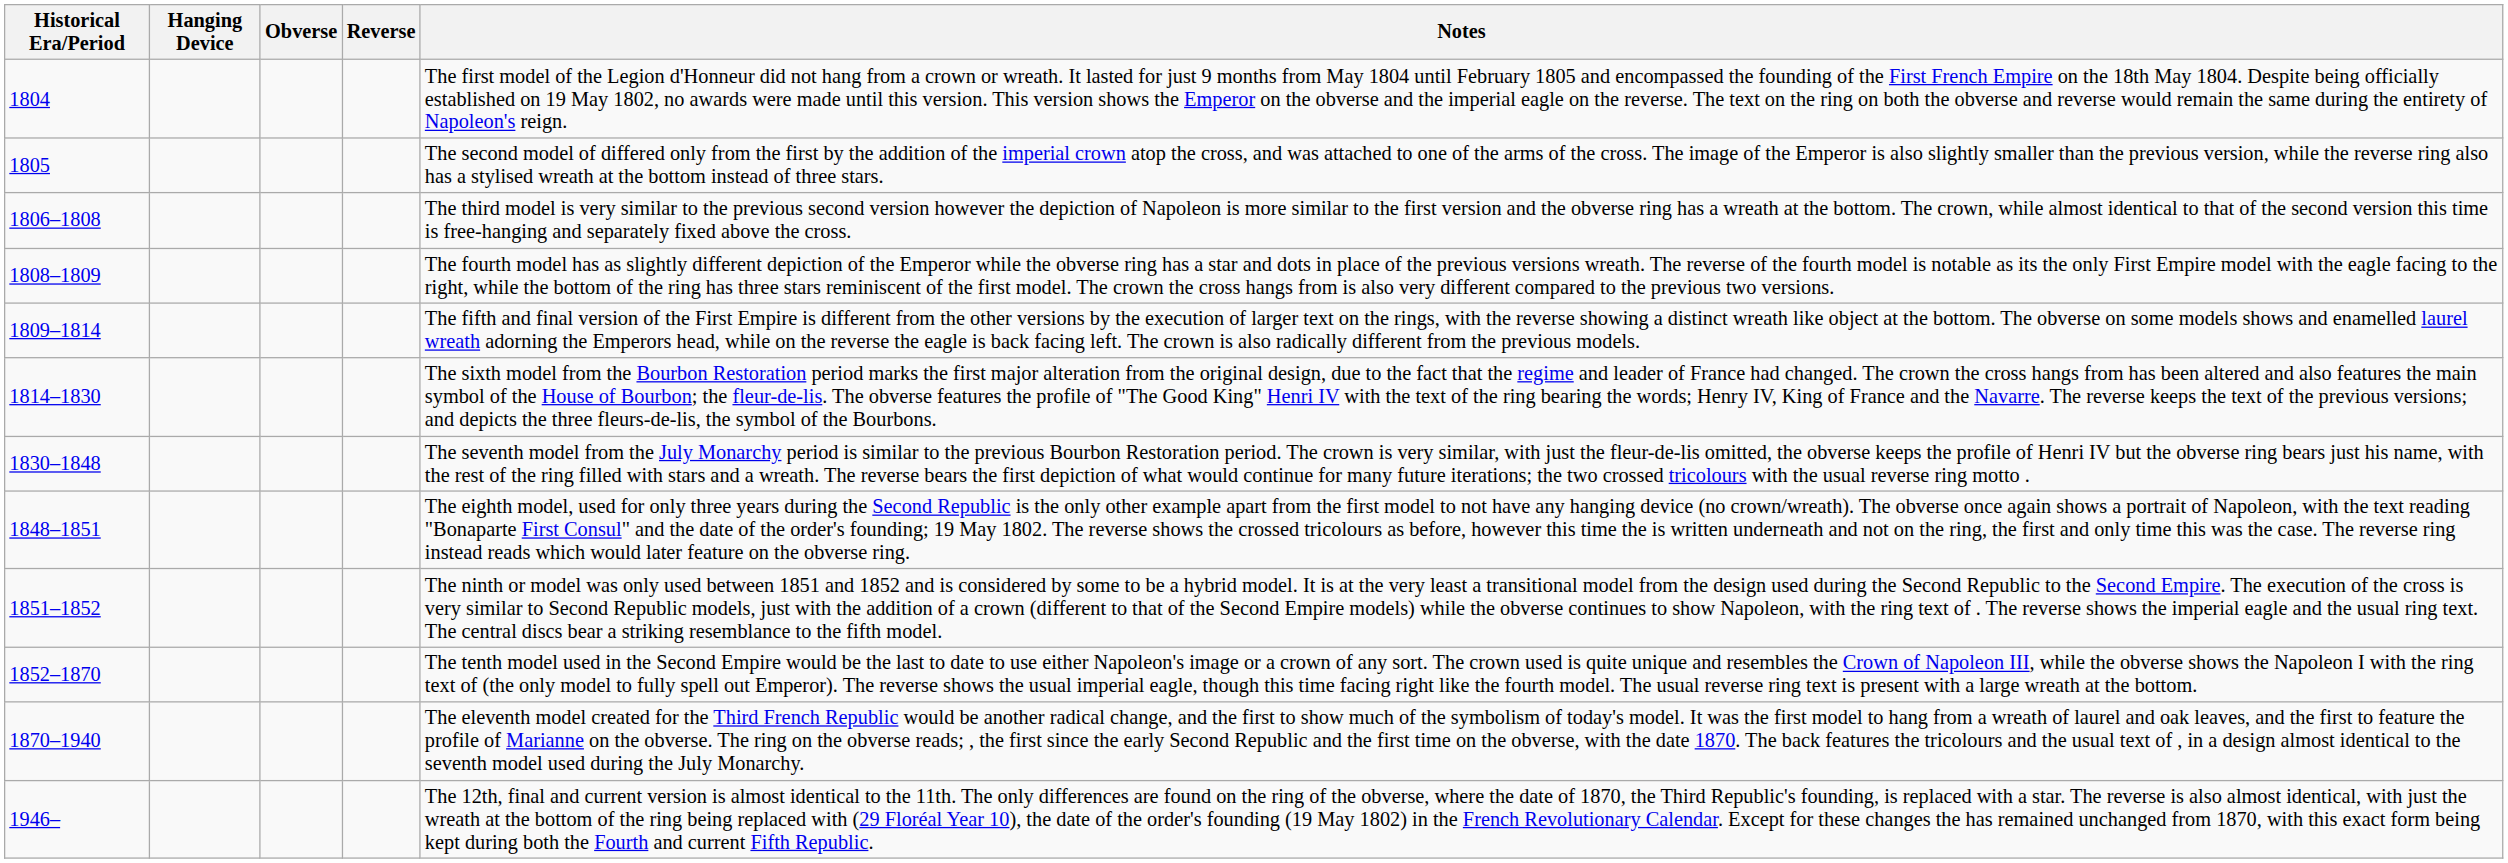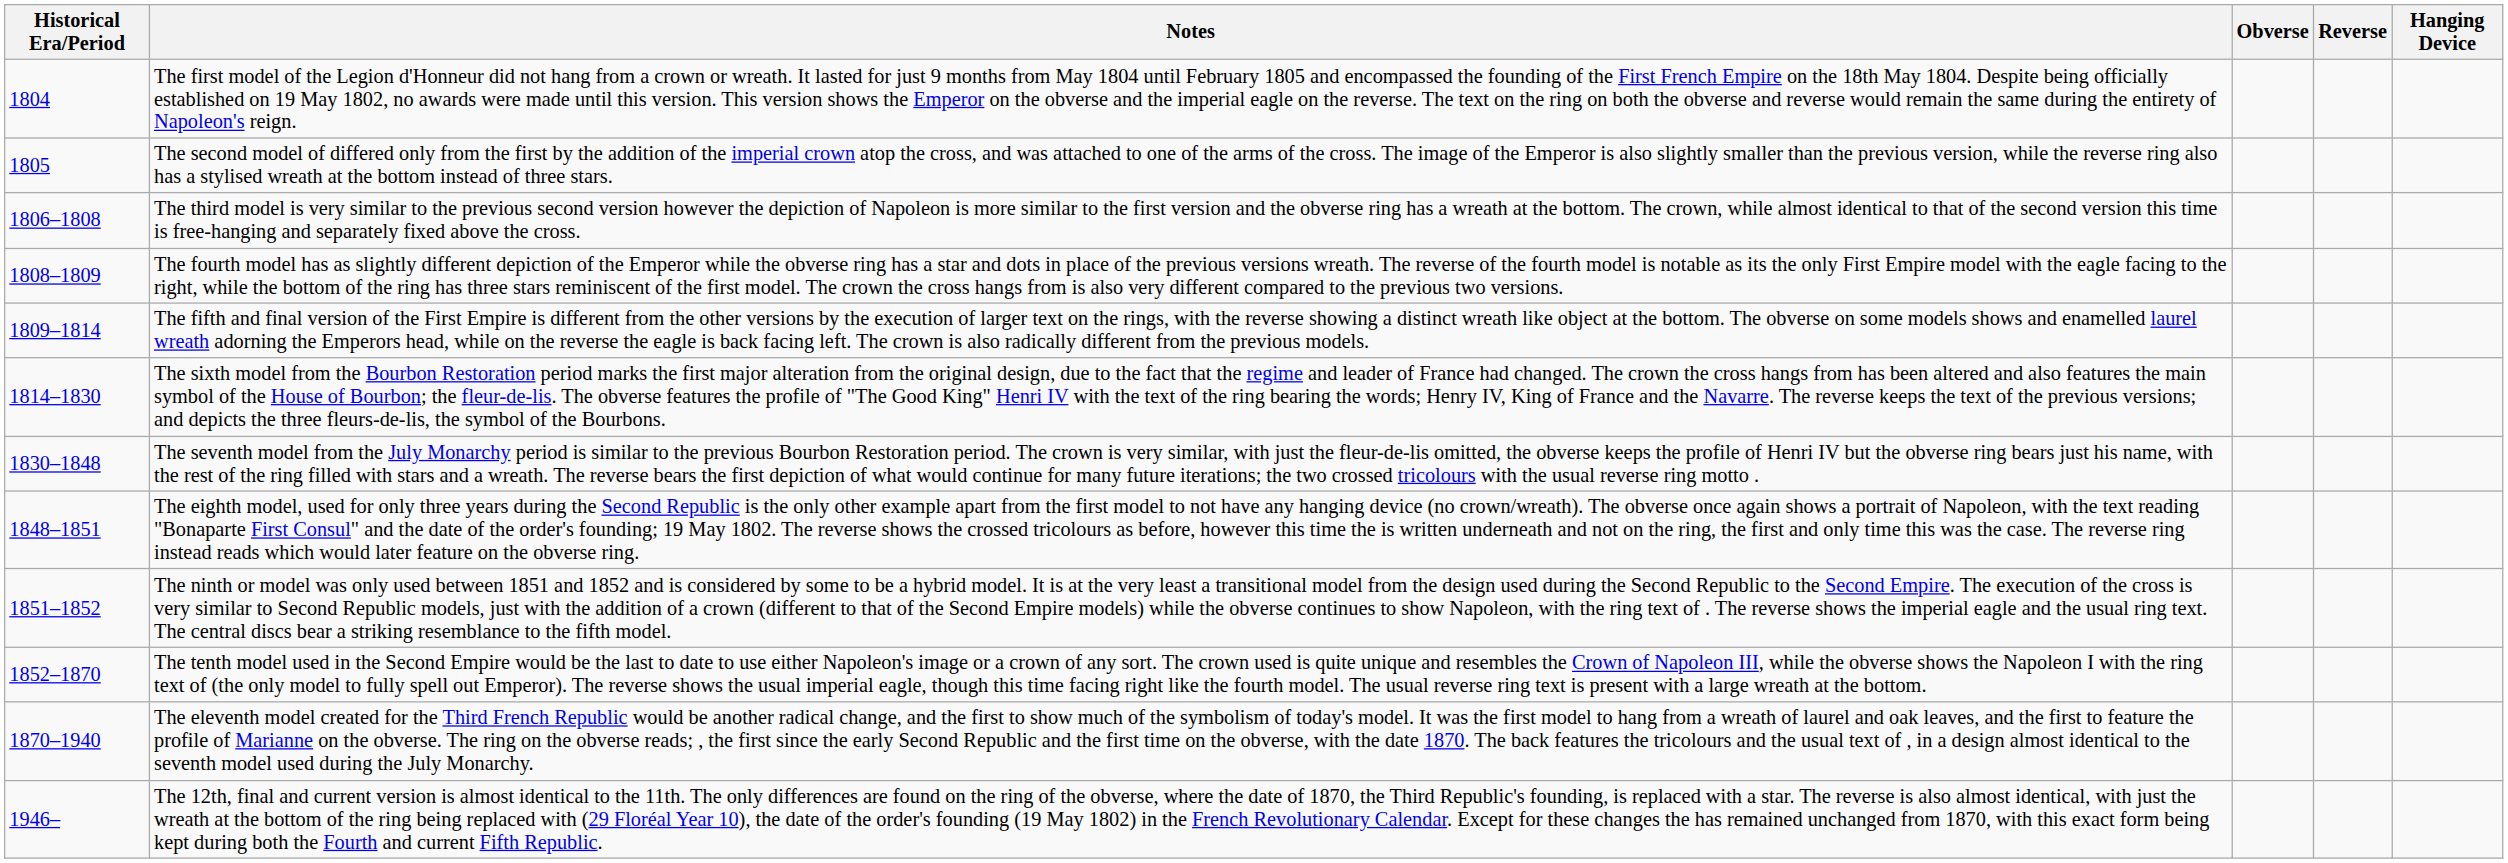 <table class="wikitable">
 <tr>
 <th>Historical Era/Period</th>
-<th>Hanging Device</th>
+<th>Notes</th>
 <th>Obverse</th>
 <th>Reverse</th>
-<th>Notes</th>
+<th>Hanging Device</th>
 </tr>
 <tr>
 <td><a href='#'>1804</a></td>
+<td>The first model of the Legion d'Honneur did not hang from a crown or wreath. It lasted for just 9 months from May 1804 until February 1805 and encompassed the founding of the <a href='#'>First French Empire</a> on the 18th May 1804. Despite being officially established on 19 May 1802, no awards were made until this version. This version shows the <a href='#'>Emperor</a> on the obverse and the imperial eagle on the reverse. The text on the ring on both the obverse and reverse would remain the same during the entirety of <a href='#'>Napoleon's</a> reign.</td>
 <td></td>
 <td></td>
 <td></td>
-<td>The first model of the Legion d'Honneur did not hang from a crown or wreath. It lasted for just 9 months from May 1804 until February 1805 and encompassed the founding of the <a href='#'>First French Empire</a> on the 18th May 1804. Despite being officially established on 19 May 1802, no awards were made until this version. This version shows the <a href='#'>Emperor</a> on the obverse and the imperial eagle on the reverse. The text on the ring on both the obverse and reverse would remain the same during the entirety of <a href='#'>Napoleon's</a> reign.</td>
 </tr>
 <tr>
 <td><a href='#'>1805</a></td>
+<td>The second model of differed only from the first by the addition of the <a href='#'>imperial crown</a> atop the cross, and was attached to one of the arms of the cross. The image of the Emperor is also slightly smaller than the previous version, while the reverse ring also has a stylised wreath at the bottom instead of three stars.</td>
 <td></td>
 <td></td>
 <td></td>
-<td>The second model of differed only from the first by the addition of the <a href='#'>imperial crown</a> atop the cross, and was attached to one of the arms of the cross. The image of the Emperor is also slightly smaller than the previous version, while the reverse ring also has a stylised wreath at the bottom instead of three stars.</td>
 </tr>
 <tr>
 <td><a href='#'>1806–1808</a></td>
+<td>The third model is very similar to the previous second version however the depiction of Napoleon is more similar to the first version and the obverse ring has a wreath at the bottom. The crown, while almost identical to that of the second version this time is free-hanging and separately fixed above the cross.</td>
 <td></td>
 <td></td>
 <td></td>
-<td>The third model is very similar to the previous second version however the depiction of Napoleon is more similar to the first version and the obverse ring has a wreath at the bottom. The crown, while almost identical to that of the second version this time is free-hanging and separately fixed above the cross.</td>
 </tr>
 <tr>
 <td><a href='#'>1808–1809</a></td>
+<td>The fourth model has as slightly different depiction of the Emperor while the obverse ring has a star and dots in place of the previous versions wreath. The reverse of the fourth model is notable as its the only First Empire model with the eagle facing to the right, while the bottom of the ring has three stars reminiscent of the first model. The crown the cross hangs from is also very different compared to the previous two versions.</td>
 <td></td>
 <td></td>
 <td></td>
-<td>The fourth model has as slightly different depiction of the Emperor while the obverse ring has a star and dots in place of the previous versions wreath. The reverse of the fourth model is notable as its the only First Empire model with the eagle facing to the right, while the bottom of the ring has three stars reminiscent of the first model. The crown the cross hangs from is also very different compared to the previous two versions.</td>
 </tr>
 <tr>
 <td><a href='#'>1809–1814</a></td>
+<td>The fifth and final version of the First Empire is different from the other versions by the execution of larger text on the rings, with the reverse showing a distinct wreath like object at the bottom. The obverse on some models shows and enamelled <a href='#'>laurel wreath</a> adorning the Emperors head, while on the reverse the eagle is back facing left. The crown is also radically different from the previous models.</td>
 <td></td>
 <td></td>
 <td></td>
-<td>The fifth and final version of the First Empire is different from the other versions by the execution of larger text on the rings, with the reverse showing a distinct wreath like object at the bottom. The obverse on some models shows and enamelled <a href='#'>laurel wreath</a> adorning the Emperors head, while on the reverse the eagle is back facing left. The crown is also radically different from the previous models.</td>
 </tr>
 <tr>
 <td><a href='#'>1814–1830</a></td>
+<td>The sixth model from the <a href='#'>Bourbon Restoration</a> period marks the first major alteration from the original design, due to the fact that the <a href='#'>regime</a> and leader of France had changed. The crown the cross hangs from has been altered and also features the main symbol of the <a href='#'>House of Bourbon</a>; the <a href='#'>fleur-de-lis</a>. The obverse features the profile of "The Good King" <a href='#'>Henri IV</a> with the text of the ring bearing the words; Henry IV, King of France and the <a href='#'>Navarre</a>. The reverse keeps the text of the previous versions;  and depicts the three fleurs-de-lis, the symbol of the Bourbons.</td>
 <td></td>
 <td></td>
 <td></td>
-<td>The sixth model from the <a href='#'>Bourbon Restoration</a> period marks the first major alteration from the original design, due to the fact that the <a href='#'>regime</a> and leader of France had changed. The crown the cross hangs from has been altered and also features the main symbol of the <a href='#'>House of Bourbon</a>; the <a href='#'>fleur-de-lis</a>. The obverse features the profile of "The Good King" <a href='#'>Henri IV</a> with the text of the ring bearing the words; Henry IV, King of France and the <a href='#'>Navarre</a>. The reverse keeps the text of the previous versions;  and depicts the three fleurs-de-lis, the symbol of the Bourbons.</td>
 </tr>
 <tr>
 <td><a href='#'>1830–1848</a></td>
+<td>The seventh model from the <a href='#'>July Monarchy</a> period is similar to the previous Bourbon Restoration period. The crown is very similar, with just the fleur-de-lis omitted, the obverse keeps the profile of Henri IV but the obverse ring bears just his name, with the rest of the ring filled with stars and a wreath. The reverse bears the first depiction of what would continue for many future iterations; the two crossed <a href='#'>tricolours</a> with the usual reverse ring motto .</td>
 <td></td>
 <td></td>
 <td></td>
-<td>The seventh model from the <a href='#'>July Monarchy</a> period is similar to the previous Bourbon Restoration period. The crown is very similar, with just the fleur-de-lis omitted, the obverse keeps the profile of Henri IV but the obverse ring bears just his name, with the rest of the ring filled with stars and a wreath. The reverse bears the first depiction of what would continue for many future iterations; the two crossed <a href='#'>tricolours</a> with the usual reverse ring motto .</td>
 </tr>
 <tr>
 <td><a href='#'>1848–1851</a></td>
+<td>The eighth model, used for only three years during the <a href='#'>Second Republic</a> is the only other example apart from the first model to not have any hanging device (no crown/wreath). The obverse once again shows a portrait of Napoleon, with the text reading "Bonaparte <a href='#'>First Consul</a>" and the date of the order's founding; 19 May 1802. The reverse shows the crossed tricolours as before, however this time the  is written underneath and not on the ring, the first and only time this was the case. The reverse ring instead reads  which would later feature on the obverse ring.</td>
 <td></td>
 <td></td>
 <td></td>
-<td>The eighth model, used for only three years during the <a href='#'>Second Republic</a> is the only other example apart from the first model to not have any hanging device (no crown/wreath). The obverse once again shows a portrait of Napoleon, with the text reading "Bonaparte <a href='#'>First Consul</a>" and the date of the order's founding; 19 May 1802. The reverse shows the crossed tricolours as before, however this time the  is written underneath and not on the ring, the first and only time this was the case. The reverse ring instead reads  which would later feature on the obverse ring.</td>
 </tr>
 <tr>
 <td><a href='#'>1851–1852</a></td>
+<td>The ninth or  model was only used between 1851 and 1852 and is considered by some to be a hybrid model. It is at the very least a transitional model from the design used during the Second Republic to the <a href='#'>Second Empire</a>. The execution of the cross is very similar to Second Republic models, just with the addition of a crown (different to that of the Second Empire models) while the obverse continues to show Napoleon, with the ring text of . The reverse shows the imperial eagle and the usual ring text. The central discs bear a striking resemblance to the fifth model.</td>
 <td></td>
 <td></td>
 <td></td>
-<td>The ninth or  model was only used between 1851 and 1852 and is considered by some to be a hybrid model. It is at the very least a transitional model from the design used during the Second Republic to the <a href='#'>Second Empire</a>. The execution of the cross is very similar to Second Republic models, just with the addition of a crown (different to that of the Second Empire models) while the obverse continues to show Napoleon, with the ring text of . The reverse shows the imperial eagle and the usual ring text. The central discs bear a striking resemblance to the fifth model.</td>
 </tr>
 <tr>
 <td><a href='#'>1852–1870</a></td>
+<td>The tenth model used in the Second Empire would be the last to date to use either Napoleon's image or a crown of any sort. The crown used is quite unique and resembles the <a href='#'>Crown of Napoleon III</a>, while the obverse shows the Napoleon I with the ring text of  (the only model to fully spell out Emperor). The reverse shows the usual imperial eagle, though this time facing right like the fourth model. The usual reverse ring text is present with a large wreath at the bottom.</td>
 <td></td>
 <td></td>
 <td></td>
-<td>The tenth model used in the Second Empire would be the last to date to use either Napoleon's image or a crown of any sort. The crown used is quite unique and resembles the <a href='#'>Crown of Napoleon III</a>, while the obverse shows the Napoleon I with the ring text of  (the only model to fully spell out Emperor). The reverse shows the usual imperial eagle, though this time facing right like the fourth model. The usual reverse ring text is present with a large wreath at the bottom.</td>
 </tr>
 <tr>
 <td><a href='#'>1870–1940</a></td>
+<td>The eleventh model created for the <a href='#'>Third French Republic</a> would be another radical change, and the first to show much of the symbolism of today's model. It was the first model to hang from a wreath of laurel and oak leaves, and the first to feature the profile of <a href='#'>Marianne</a> on the obverse. The ring on the obverse reads; , the first since the early Second Republic and the first time on the obverse, with the date <a href='#'>1870</a>. The back features the tricolours and the usual text of , in a design almost identical to the seventh model used during the July Monarchy.</td>
 <td></td>
 <td></td>
 <td></td>
-<td>The eleventh model created for the <a href='#'>Third French Republic</a> would be another radical change, and the first to show much of the symbolism of today's model. It was the first model to hang from a wreath of laurel and oak leaves, and the first to feature the profile of <a href='#'>Marianne</a> on the obverse. The ring on the obverse reads; , the first since the early Second Republic and the first time on the obverse, with the date <a href='#'>1870</a>. The back features the tricolours and the usual text of , in a design almost identical to the seventh model used during the July Monarchy.</td>
 </tr>
 <tr>
 <td><a href='#'>1946–</a></td>
+<td>The 12th, final and current version is almost identical to the 11th. The only differences are found on the ring of the obverse, where the date of 1870, the Third Republic's founding, is replaced with a star. The reverse is also almost identical, with just the wreath at the bottom of the ring being replaced with  (<a href='#'>29 Floréal Year 10</a>), the date of the order's founding (19 May 1802) in the <a href='#'>French Revolutionary Calendar</a>. Except for these changes the  has remained unchanged from 1870, with this exact form being kept during both the <a href='#'>Fourth</a> and current <a href='#'>Fifth Republic</a>.</td>
 <td></td>
 <td></td>
 <td></td>
-<td>The 12th, final and current version is almost identical to the 11th. The only differences are found on the ring of the obverse, where the date of 1870, the Third Republic's founding, is replaced with a star. The reverse is also almost identical, with just the wreath at the bottom of the ring being replaced with  (<a href='#'>29 Floréal Year 10</a>), the date of the order's founding (19 May 1802) in the <a href='#'>French Revolutionary Calendar</a>. Except for these changes the  has remained unchanged from 1870, with this exact form being kept during both the <a href='#'>Fourth</a> and current <a href='#'>Fifth Republic</a>.</td>
 </tr>
 </table>
